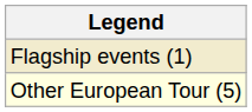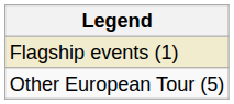 <table class="wikitable" style="font-size:95%;">
 <tr>
 <th>Legend</th>
 </tr>
 <tr style="background:#f2ecce;">
 <td>Flagship events (1)</td>
 </tr>
 <tr>
-<td style="background: lightyellow;">Other European Tour (5)</td>
+<td>Other European Tour (5)</td>
 </tr>
 </table>
